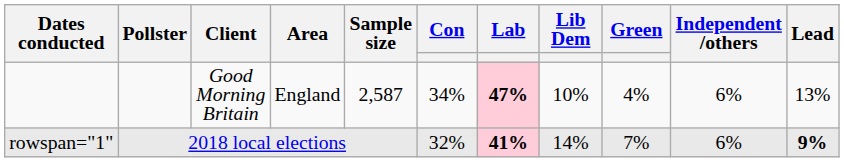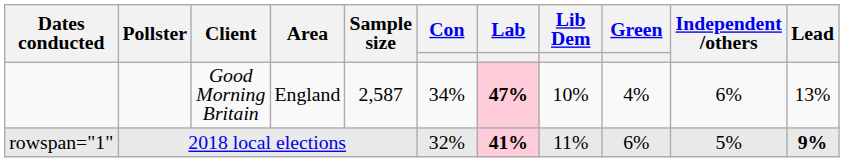 <table class="wikitable sortable tpl-blanktable" style="text-align:center;font-size:90%;line-height:14px;">
 <tr>
 <th rowspan="2">Dates<br>conducted</th>
 <th rowspan="2">Pollster</th>
 <th rowspan="2">Client</th>
 <th rowspan="2">Area</th>
 <th rowspan="2" data-sort-type="number">Sample <br>size</th>
 <th class="unsortable" style="width:50px;"><a href='#'>Con</a></th>
 <th class="unsortable" style="width:50px;"><a href='#'>Lab</a></th>
 <th class="unsortable" style="width:50px;"><a href='#'>Lib Dem</a></th>
 <th class="unsortable" style="width:50px;"><a href='#'>Green</a></th>
 <th rowspan="2" class="unsortable" style="width:75px;"><a href='#'>Independent</a><br>/others</th>
 <th rowspan="2" data-sort-type="number">Lead</th>
 </tr>
 <tr>
 <th data-sort-type="number" style="background:"></th>
 <th data-sort-type="number" style="background:"></th>
 <th data-sort-type="number" style="background:"></th>
 <th data-sort-type="number" style="background:"></th>
 </tr>
 <tr>
 <td></td>
 <td></td>
 <td><em>Good Morning Britain</em></td>
 <td>England</td>
 <td>2,587</td>
 <td>34%</td>
 <td style="background:#FFCCD9;"><strong>47%</strong></td>
 <td>10%</td>
 <td>4%</td>
 <td>6%</td>
 <td style="background:">13%</td>
 </tr>
 <tr style="background:#E9E9E9;">
 <td>rowspan="1" </td>
 <td colspan="4"><a href='#'>2018 local elections</a></td>
 <td>32%</td>
 <td style="background:#FFCCD9;"><strong>41%</strong></td>
-<td>14%</td>
-<td>7%</td>
+<td>11%</td>
 <td>6%</td>
+<td>5%</td>
 <td style="background:"><strong>9%</strong></td>
 </tr>
 </table>
